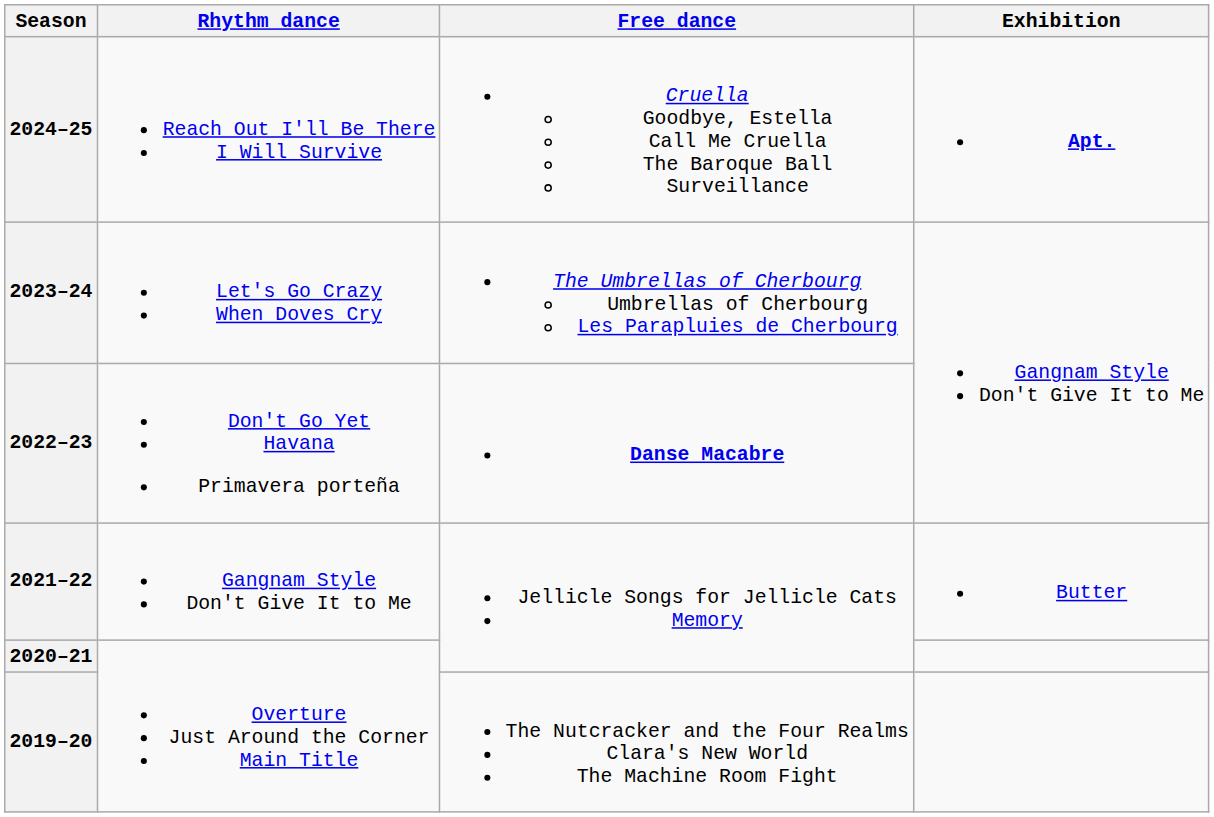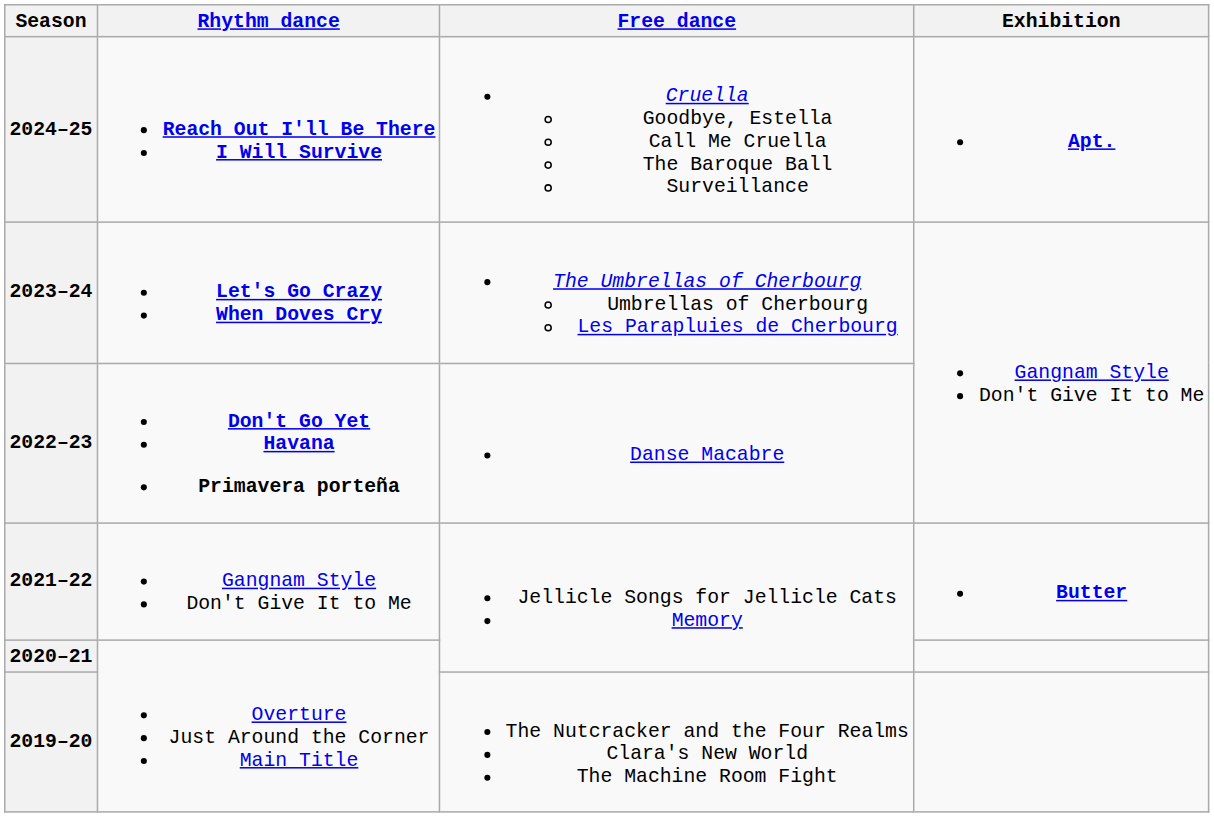 <table class=wikitable style=text-align:center>
 <tr>
 <th>Season</th>
 <th><a href='#'>Rhythm dance</a></th>
 <th><a href='#'>Free dance</a></th>
 <th>Exhibition</th>
 </tr>
 <tr>
 <th>2024–25 <br> </th>
-<td><br><ul><li><a href='#'>Reach Out I'll Be There</a> <br> </li><li><a href='#'>I Will Survive</a> <br> </li></ul></td>
+<td><strong><br><ul><li><a href='#'>Reach Out I'll Be There</a> <br> </li><li><a href='#'>I Will Survive</a> <br> </li></ul></strong></td>
 <td><br><ul><li><em><a href='#'>Cruella</a></em><ul><li>Goodbye, Estella <br> </li><li>Call Me Cruella <br> </li><li>The Baroque Ball</li><li>Surveillance <br></li></ul></li></ul></td>
 <td><strong><br><ul><li><a href='#'>Apt.</a> <br></li></ul></strong></td>
 </tr>
 <tr>
 <th>2023–24<br></th>
-<td><br><ul><li><a href='#'>Let's Go Crazy</a></li><li><a href='#'>When Doves Cry</a><br></li></ul></td>
+<td><strong><br><ul><li><a href='#'>Let's Go Crazy</a></li><li><a href='#'>When Doves Cry</a><br></li></ul></strong></td>
 <td><br><ul><li><em><a href='#'>The Umbrellas of Cherbourg</a></em> <br> <ul><li>Umbrellas of Cherbourg  <br>  </li><li><a href='#'>Les Parapluies de Cherbourg</a> <br> </li></ul></li></ul></td>
 <td rowspan="2"><br><ul><li><a href='#'>Gangnam Style</a> <br> </li><li>Don't Give It to Me <br> </li></ul></td>
 </tr>
 <tr>
 <th>2022–23<br></th>
-<td><br><ul><li> <a href='#'>Don't Go Yet</a></li><li> <a href='#'>Havana</a><br></li></ul><ul><li>Primavera porteña<br></li></ul></td>
-<td><strong><br><ul><li><a href='#'>Danse Macabre</a><br></li></ul></strong></td>
+<td><strong><br><ul><li> <a href='#'>Don't Go Yet</a></li><li> <a href='#'>Havana</a><br></li></ul><ul><li>Primavera porteña<br></li></ul></strong></td>
+<td><br><ul><li><a href='#'>Danse Macabre</a><br></li></ul></td>
 </tr>
 <tr>
 <th>2021–22<br></th>
 <td><br><ul><li><a href='#'>Gangnam Style</a><br></li><li>Don't Give It to Me<br></li></ul></td>
 <td rowspan="2"><br><ul><li>Jellicle Songs for Jellicle Cats</li><li><a href='#'>Memory</a><br></li></ul></td>
-<td><br><ul><li><a href='#'>Butter</a><br></li></ul></td>
+<td><strong><br><ul><li><a href='#'>Butter</a><br></li></ul></strong></td>
 </tr>
 <tr>
 <th>2020–21<br></th>
 <td rowspan="2"><br><ul><li><a href='#'>Overture</a><br></li><li>Just Around the Corner<br></li><li><a href='#'>Main Title</a><br></li></ul></td>
 <td></td>
 </tr>
 <tr>
 <th>2019–20<br></th>
 <td><br><ul><li>The Nutcracker and the Four Realms</li><li>Clara's New World</li><li>The Machine Room Fight<br></li></ul></td>
 <td></td>
 </tr>
 </table>
